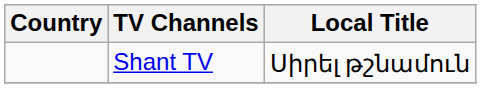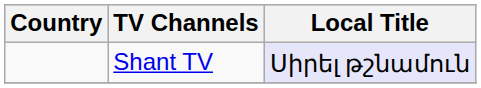 <table class="wikitable sortable">
 <tr style="background:#ccc;">
 <th>Country</th>
 <th>TV Channels</th>
 <th>Local Title</th>
 </tr>
 <tr>
 <td></td>
 <td><a href='#'>Shant TV</a></td>
-<td>Սիրել թշնամուն</td>
+<td style="background: lavender;">Սիրել թշնամուն</td>
 </tr>
 <tr>
 </tr>
 </table>
